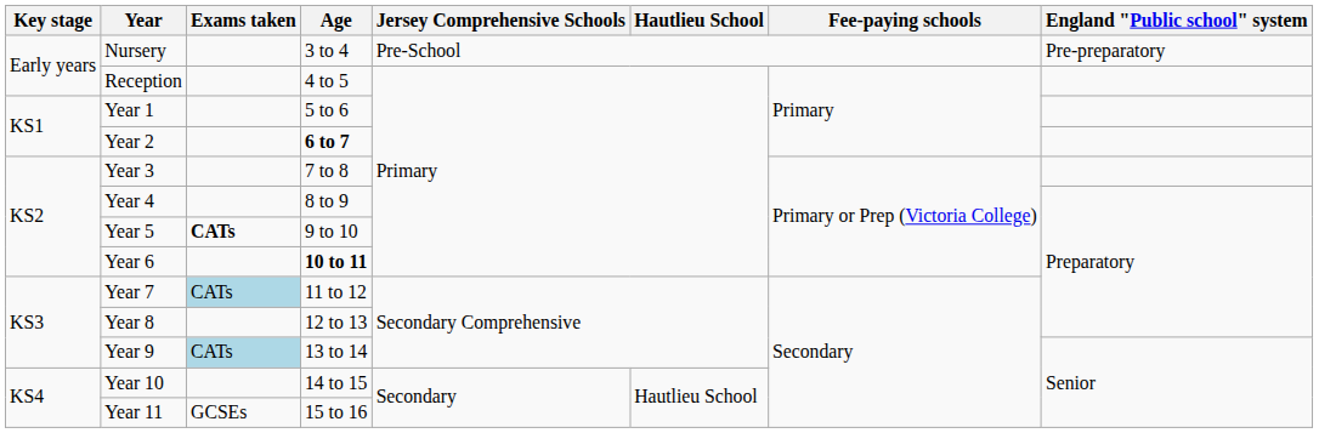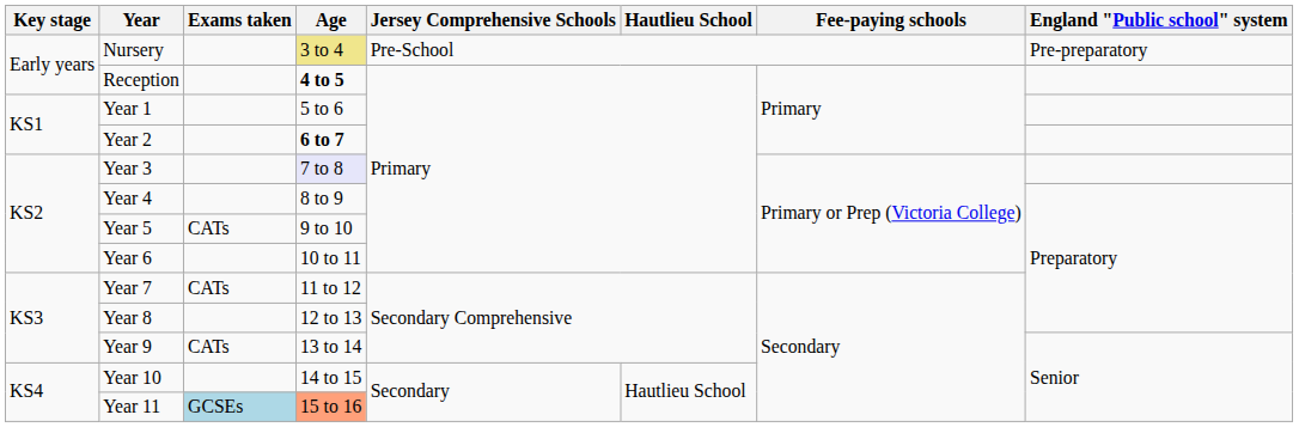 <table class="wikitable">
 <tr>
 <th>Key stage</th>
 <th>Year</th>
 <th>Exams taken</th>
 <th>Age</th>
 <th colspan="2">Jersey Comprehensive Schools</th>
 <th>Hautlieu School</th>
 <th>Fee-paying schools</th>
 <th>England "<a href='#'>Public school</a>" system</th>
 </tr>
 <tr>
 <td rowspan="2">Early years</td>
 <td>Nursery</td>
 <td></td>
-<td>3 to 4</td>
+<td style="background: khaki;">3 to 4</td>
 <td colspan="4">Pre-School</td>
 <td>Pre-preparatory</td>
 </tr>
 <tr>
 <td>Reception</td>
 <td></td>
-<td>4 to 5</td>
+<td><strong>4 to 5</strong></td>
 <td colspan="3" rowspan="7">Primary</td>
 <td rowspan="3">Primary</td>
 <td></td>
 </tr>
 <tr>
 <td rowspan="2">KS1</td>
 <td>Year 1</td>
 <td></td>
 <td>5 to 6</td>
 <td></td>
 </tr>
 <tr>
 <td>Year 2</td>
 <td></td>
 <td><strong>6 to 7</strong></td>
 <td></td>
 </tr>
 <tr>
 <td rowspan="4">KS2</td>
 <td>Year 3</td>
 <td></td>
-<td>7 to 8</td>
+<td style="background: lavender;">7 to 8</td>
 <td rowspan="4">Primary or Prep (<a href='#'>Victoria College</a>)</td>
 <td></td>
 </tr>
 <tr>
 <td>Year 4</td>
 <td></td>
 <td>8 to 9</td>
 <td rowspan="5">Preparatory</td>
 </tr>
 <tr>
 <td>Year 5</td>
-<td><strong>CATs</strong></td>
+<td>CATs</td>
 <td>9 to 10</td>
 </tr>
 <tr>
 <td>Year 6</td>
 <td></td>
-<td><strong>10 to 11</strong></td>
+<td>10 to 11</td>
 </tr>
 <tr>
 <td rowspan="3">KS3</td>
 <td>Year 7</td>
-<td style="background: lightblue;">CATs</td>
+<td>CATs</td>
 <td>11 to 12</td>
 <td colspan="3" rowspan="3">Secondary Comprehensive</td>
 <td rowspan="5">Secondary</td>
 </tr>
 <tr>
 <td>Year 8</td>
 <td></td>
 <td>12 to 13</td>
 </tr>
 <tr>
 <td>Year 9</td>
-<td style="background: lightblue;">CATs</td>
+<td>CATs</td>
 <td>13 to 14</td>
 <td rowspan="3">Senior</td>
 </tr>
 <tr>
 <td rowspan="2">KS4</td>
 <td>Year 10</td>
 <td></td>
 <td>14 to 15</td>
 <td colspan="2" rowspan="2">Secondary</td>
 <td rowspan="2">Hautlieu School</td>
 </tr>
 <tr>
 <td>Year 11</td>
-<td>GCSEs</td>
-<td>15 to 16</td>
+<td style="background: lightblue;">GCSEs</td>
+<td style="background: lightsalmon;">15 to 16</td>
 </tr>
 </table>
